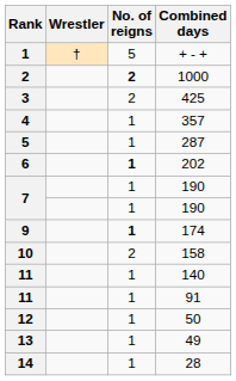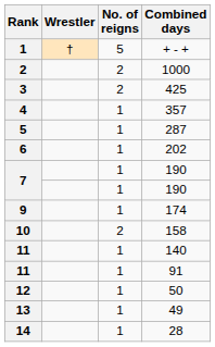 <table class="wikitable sortable" style="text-align: center">
 <tr>
 <th>Rank</th>
 <th>Wrestler</th>
 <th>No. of<br>reigns</th>
 <th>Combined<br>days</th>
 </tr>
 <tr>
 <th>1</th>
 <td style="background:#ffe6bd;"> †</td>
 <td>5</td>
 <td>+ - +</td>
 </tr>
 <tr>
 <th>2</th>
 <td></td>
-<td><strong>2</strong></td>
+<td>2</td>
 <td>1000</td>
 </tr>
 <tr>
 <th>3</th>
 <td></td>
 <td>2</td>
 <td>425</td>
 </tr>
 <tr>
 <th>4</th>
 <td></td>
 <td>1</td>
 <td>357</td>
 </tr>
 <tr>
 <th>5</th>
 <td></td>
 <td>1</td>
 <td>287</td>
 </tr>
 <tr>
 <th>6</th>
 <td></td>
-<td><strong>1</strong></td>
+<td>1</td>
 <td>202</td>
 </tr>
 <tr>
 <th rowspan=2>7</th>
 <td></td>
 <td>1</td>
 <td>190</td>
 </tr>
 <tr>
 <td></td>
 <td>1</td>
 <td>190</td>
 </tr>
 <tr>
 <th>9</th>
 <td></td>
-<td><strong>1</strong></td>
+<td>1</td>
 <td>174</td>
 </tr>
 <tr>
 <th>10</th>
 <td></td>
 <td>2</td>
 <td>158</td>
 </tr>
 <tr>
 <th>11</th>
 <td></td>
 <td>1</td>
 <td>140</td>
 </tr>
 <tr>
 <th>11</th>
 <td></td>
 <td>1</td>
 <td>91</td>
 </tr>
 <tr>
 <th>12</th>
 <td></td>
 <td>1</td>
 <td>50</td>
 </tr>
 <tr>
 <th>13</th>
 <td></td>
 <td>1</td>
 <td>49</td>
 </tr>
 <tr>
 <th>14</th>
 <td></td>
 <td>1</td>
 <td>28</td>
 </tr>
 </table>
